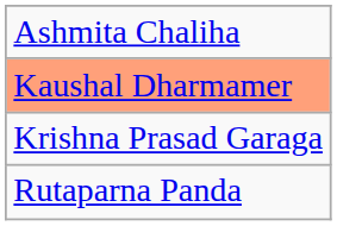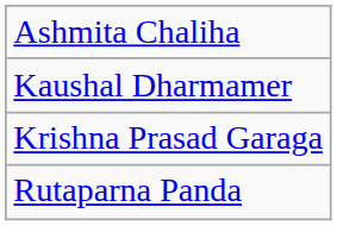 <table class="wikitable" style="text-align:left">
 <tr>
 <td> <a href='#'>Ashmita Chaliha</a></td>
 </tr>
 <tr>
-<td style="background: lightsalmon;"> <a href='#'>Kaushal Dharmamer</a></td>
+<td> <a href='#'>Kaushal Dharmamer</a></td>
 </tr>
 <tr>
 <td> <a href='#'>Krishna Prasad Garaga</a></td>
 </tr>
 <tr>
 <td> <a href='#'>Rutaparna Panda</a></td>
 </tr>
 </table>
